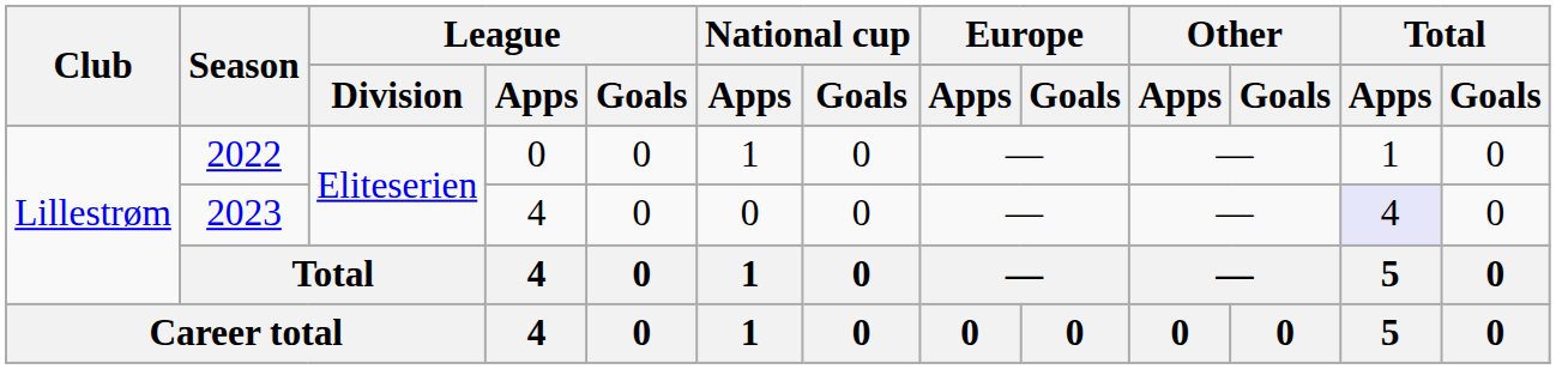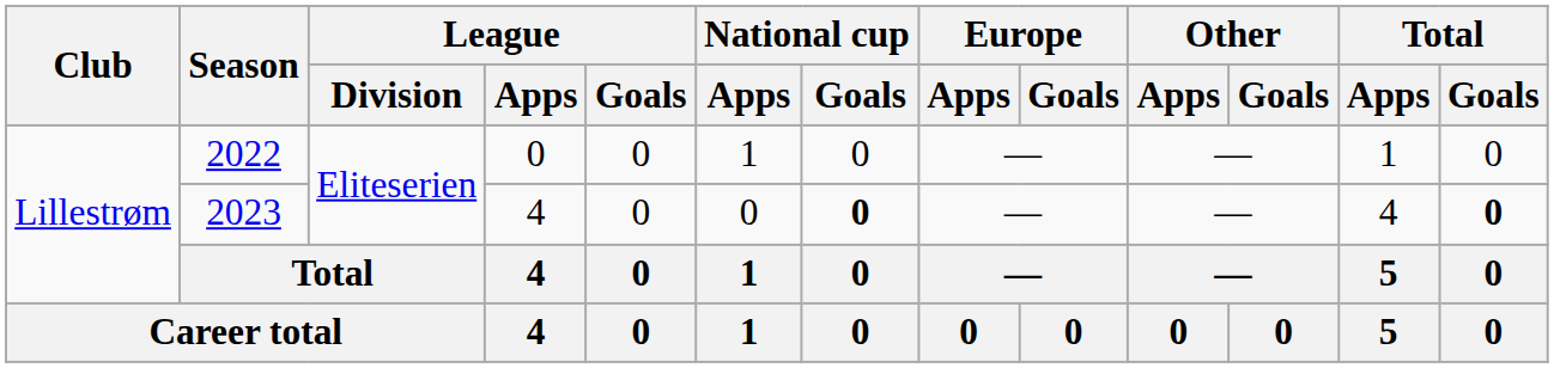 <table class="wikitable" style="text-align: center;">
 <tr>
 <th rowspan="2">Club</th>
 <th rowspan="2">Season</th>
 <th colspan="3">League</th>
 <th colspan="2">National cup</th>
 <th colspan="2">Europe</th>
 <th colspan="2">Other</th>
 <th colspan="2">Total</th>
 </tr>
 <tr>
 <th>Division</th>
 <th>Apps</th>
 <th>Goals</th>
 <th>Apps</th>
 <th>Goals</th>
 <th>Apps</th>
 <th>Goals</th>
 <th>Apps</th>
 <th>Goals</th>
 <th>Apps</th>
 <th>Goals</th>
 </tr>
 <tr>
 <td rowspan="3"><a href='#'>Lillestrøm</a></td>
 <td><a href='#'>2022</a></td>
 <td rowspan="2"><a href='#'>Eliteserien</a></td>
 <td>0</td>
 <td>0</td>
 <td>1</td>
 <td>0</td>
 <td colspan="2">—</td>
 <td colspan="2">—</td>
 <td>1</td>
 <td>0</td>
 </tr>
 <tr>
 <td><a href='#'>2023</a></td>
 <td>4</td>
 <td>0</td>
 <td>0</td>
-<td>0</td>
+<td><strong>0</strong></td>
 <td colspan="2">—</td>
 <td colspan="2">—</td>
-<td style="background: lavender;">4</td>
-<td>0</td>
+<td>4</td>
+<td><strong>0</strong></td>
 </tr>
 <tr>
 <th colspan="2">Total</th>
 <th>4</th>
 <th>0</th>
 <th>1</th>
 <th>0</th>
 <th colspan="2">—</th>
 <th colspan="2">—</th>
 <th>5</th>
 <th>0</th>
 </tr>
 <tr>
 <th colspan="3">Career total</th>
 <th>4</th>
 <th>0</th>
 <th>1</th>
 <th>0</th>
 <th>0</th>
 <th>0</th>
 <th>0</th>
 <th>0</th>
 <th>5</th>
 <th>0</th>
 </tr>
 </table>
